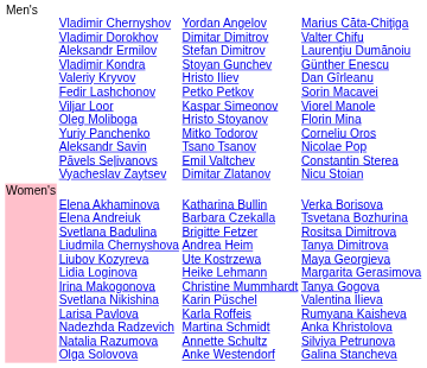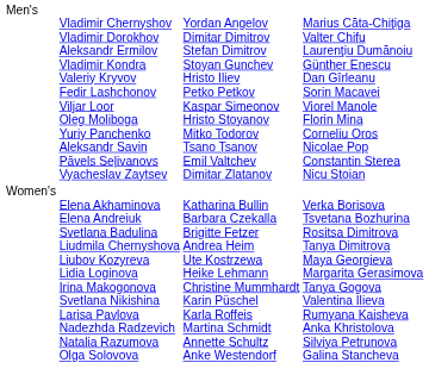 <table>
 <tr valign="top">
 <td>Men's<br></td>
 <td valign=top><br><a href='#'>Vladimir Chernyshov</a><br><a href='#'>Vladimir Dorokhov</a><br><a href='#'>Aleksandr Ermilov</a><br><a href='#'>Vladimir Kondra</a><br><a href='#'>Valeriy Kryvov</a><br><a href='#'>Fedir Lashchonov</a><br><a href='#'>Viljar Loor</a><br><a href='#'>Oleg Moliboga</a><br><a href='#'>Yuriy Panchenko</a><br><a href='#'>Aleksandr Savin</a><br><a href='#'>Pāvels Seļivanovs</a><br><a href='#'>Vyacheslav Zaytsev</a></td>
 <td valign=top><br><a href='#'>Yordan Angelov</a><br><a href='#'>Dimitar Dimitrov</a><br><a href='#'>Stefan Dimitrov</a><br><a href='#'>Stoyan Gunchev</a><br><a href='#'>Hristo Iliev</a><br><a href='#'>Petko Petkov</a><br><a href='#'>Kaspar Simeonov</a><br><a href='#'>Hristo Stoyanov</a><br><a href='#'>Mitko Todorov</a><br><a href='#'>Tsano Tsanov</a><br><a href='#'>Emil Valtchev</a><br><a href='#'>Dimitar Zlatanov</a></td>
 <td valign=top><br><a href='#'>Marius Căta-Chiţiga</a><br><a href='#'>Valter Chifu</a><br><a href='#'>Laurenţiu Dumănoiu</a><br><a href='#'>Günther Enescu</a><br><a href='#'>Dan Gîrleanu</a><br><a href='#'>Sorin Macavei</a><br><a href='#'>Viorel Manole</a><br><a href='#'>Florin Mina</a><br><a href='#'>Corneliu Oros</a><br><a href='#'>Nicolae Pop</a><br><a href='#'>Constantin Sterea</a><br><a href='#'>Nicu Stoian</a></td>
 </tr>
 <tr valign="top">
-<td style="background: pink;">Women's<br></td>
+<td>Women's<br></td>
 <td valign=top><br><a href='#'>Elena Akhaminova</a><br><a href='#'>Elena Andreiuk</a><br><a href='#'>Svetlana Badulina</a><br><a href='#'>Liudmila Chernyshova</a><br><a href='#'>Liubov Kozyreva</a><br><a href='#'>Lidia Loginova</a><br><a href='#'>Irina Makogonova</a><br><a href='#'>Svetlana Nikishina</a><br><a href='#'>Larisa Pavlova</a><br><a href='#'>Nadezhda Radzevich</a><br><a href='#'>Natalia Razumova</a><br><a href='#'>Olga Solovova</a></td>
 <td valign=top><br><a href='#'>Katharina Bullin</a><br><a href='#'>Barbara Czekalla</a><br><a href='#'>Brigitte Fetzer</a><br><a href='#'>Andrea Heim</a><br><a href='#'>Ute Kostrzewa</a><br><a href='#'>Heike Lehmann</a><br><a href='#'>Christine Mummhardt</a><br><a href='#'>Karin Püschel</a><br><a href='#'>Karla Roffeis</a><br><a href='#'>Martina Schmidt</a><br><a href='#'>Annette Schultz</a><br><a href='#'>Anke Westendorf</a></td>
 <td valign=top><br><a href='#'>Verka Borisova</a><br><a href='#'>Tsvetana Bozhurina</a><br><a href='#'>Rositsa Dimitrova</a><br><a href='#'>Tanya Dimitrova</a><br><a href='#'>Maya Georgieva</a><br><a href='#'>Margarita Gerasimova</a><br><a href='#'>Tanya Gogova</a><br><a href='#'>Valentina Ilieva</a><br><a href='#'>Rumyana Kaisheva</a><br><a href='#'>Anka Khristolova</a><br><a href='#'>Silviya Petrunova</a><br><a href='#'>Galina Stancheva</a></td>
 </tr>
 </table>
